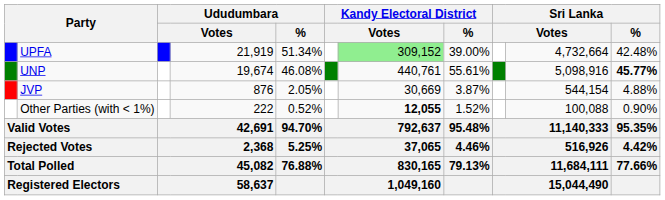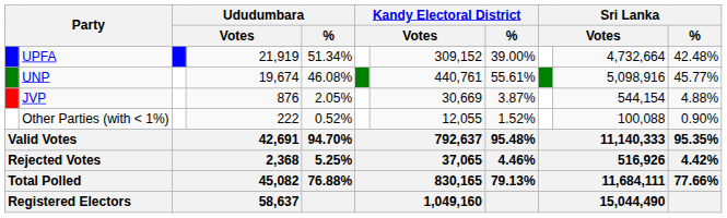 <table class="wikitable">
 <tr>
 <th colspan="2" width="144px"rowspan="2">Party</th>
 <th colspan="3" width="216px">Ududumbara</th>
 <th colspan="3" width="216px"><a href='#'>Kandy Electoral District</a></th>
 <th colspan="3" width="216px">Sri Lanka</th>
 </tr>
 <tr>
 <th colspan="2" width="144px">Votes</th>
 <th>%</th>
 <th colspan="2" width="144px">Votes</th>
 <th>%</th>
 <th colspan="2" width="144px">Votes</th>
 <th>%</th>
 </tr>
 <tr>
 <td style="background-color:blue;" width="10px"></td>
 <td style="text-align:left;"><a href='#'>UPFA</a></td>
 <td style="background-color:blue;" width="10px"></td>
 <td style="text-align:right;">21,919</td>
 <td style="text-align:right;">51.34%</td>
 <td style="background-color:white;" width="10px"></td>
-<td style="background: lightgreen; text-align:right;">309,152</td>
+<td style="text-align:right;">309,152</td>
 <td style="text-align:right;">39.00%</td>
 <td style="background-color:white;" width="10px"></td>
 <td style="text-align:right;">4,732,664</td>
 <td style="text-align:right;">42.48%</td>
 </tr>
 <tr>
 <td style="background-color:green;" width="10px"></td>
 <td style="text-align:left;"><a href='#'>UNP</a></td>
 <td style="background-color:white;" width="10px"></td>
 <td style="text-align:right;">19,674</td>
 <td style="text-align:right;">46.08%</td>
 <td style="background-color:green;" width="10px"></td>
 <td style="text-align:right;">440,761</td>
 <td style="text-align:right;">55.61%</td>
 <td style="background-color:green;" width="10px"></td>
 <td style="text-align:right;">5,098,916</td>
-<td style="text-align:right;"><strong>45.77%</strong></td>
+<td style="text-align:right;">45.77%</td>
 </tr>
 <tr>
 <td style="background-color:red;" width="10px"></td>
 <td style="text-align:left;"><a href='#'>JVP</a></td>
 <td style="background-color:white;" width="10px"></td>
 <td style="text-align:right;">876</td>
 <td style="text-align:right;">2.05%</td>
 <td style="background-color:white;" width="10px"></td>
 <td style="text-align:right;">30,669</td>
 <td style="text-align:right;">3.87%</td>
 <td style="background-color:white;" width="10px"></td>
 <td style="text-align:right;">544,154</td>
 <td style="text-align:right;">4.88%</td>
 </tr>
 <tr>
 <td style="background-color:white;" width="10px"></td>
 <td style="text-align:left;">Other Parties (with < 1%)</td>
 <td style="background-color:white;" width="10px"></td>
 <td style="text-align:right;">222</td>
 <td style="text-align:right;">0.52%</td>
 <td style="background-color:white;" width="10px"></td>
-<td style="text-align:right;"><strong>12,055</strong></td>
+<td style="text-align:right;">12,055</td>
 <td style="text-align:right;">1.52%</td>
 <td style="background-color:white;" width="10px"></td>
 <td style="text-align:right;">100,088</td>
 <td style="text-align:right;">0.90%</td>
 </tr>
 <tr>
 <th colspan="2" width="144px"style="text-align:left;">Valid Votes</th>
 <th style="text-align:right;"colspan="2" width="144px">42,691</th>
 <th style="text-align:right;">94.70%</th>
 <th style="text-align:right;"colspan="2" width="144px">792,637</th>
 <th style="text-align:right;">95.48%</th>
 <th style="text-align:right;"colspan="2" width="144px">11,140,333</th>
 <th style="text-align:right;">95.35%</th>
 </tr>
 <tr>
 <th colspan="2" width="144px"style="text-align:left;">Rejected Votes</th>
 <th style="text-align:right;"colspan="2" width="144px">2,368</th>
 <th style="text-align:right;">5.25%</th>
 <th style="text-align:right;"colspan="2" width="144px">37,065</th>
 <th style="text-align:right;">4.46%</th>
 <th style="text-align:right;"colspan="2" width="144px">516,926</th>
 <th style="text-align:right;">4.42%</th>
 </tr>
 <tr>
 <th colspan="2" width="144px"style="text-align:left;">Total Polled</th>
 <th style="text-align:right;"colspan="2" width="144px">45,082</th>
 <th style="text-align:right;">76.88%</th>
 <th style="text-align:right;"colspan="2" width="144px">830,165</th>
 <th style="text-align:right;">79.13%</th>
 <th style="text-align:right;"colspan="2" width="144px">11,684,111</th>
 <th style="text-align:right;">77.66%</th>
 </tr>
 <tr>
 <th colspan="2" width="144px"style="text-align:left;">Registered Electors</th>
 <th style="text-align:right;"colspan="2" width="144px">58,637</th>
 <th></th>
 <th style="text-align:right;"colspan="2" width="144px">1,049,160</th>
 <th></th>
 <th style="text-align:right;"colspan="2" width="144px">15,044,490</th>
 <th></th>
 </tr>
 </table>
